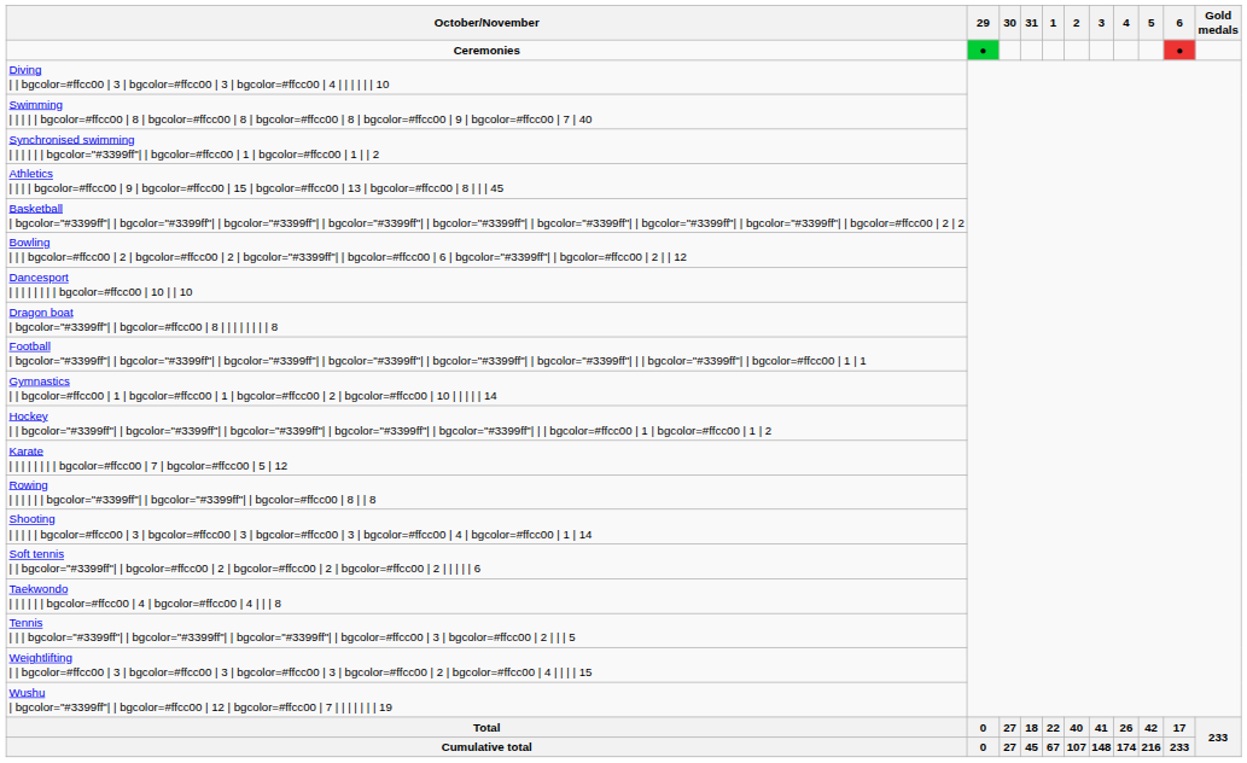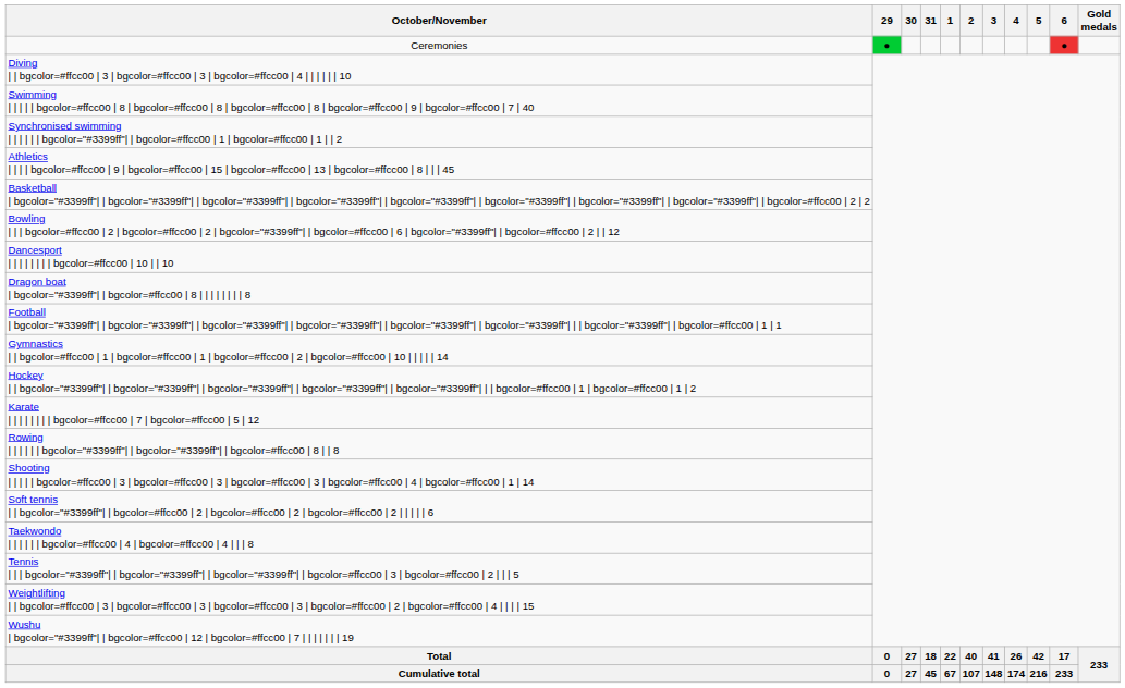 <table class="wikitable" style="margin:0.5em auto; font-size:90%; line-height:1.25em; text-align:center">
 <tr>
 <th>October/November</th>
 <th width=20px>29</th>
 <th width=20px>30</th>
 <th width=20px>31</th>
 <th width=20px>1</th>
 <th width=20px>2</th>
 <th width=20px>3</th>
 <th width=20px>4</th>
 <th width=20px>5</th>
 <th width=20px>6</th>
 <th width=20px>Gold medals</th>
 </tr>
 <tr>
-<td><strong>Ceremonies</strong></td>
+<td>Ceremonies</td>
 <td bgcolor=#00cc33>   ●   </td>
 <td></td>
 <td></td>
 <td></td>
 <td></td>
 <td></td>
 <td></td>
 <td></td>
 <td bgcolor=#ee3333>   ●   </td>
 <td></td>
 </tr>
 <tr align="center">
 <td align="left"><a href='#'>Diving</a><br>|  |  bgcolor=#ffcc00 | 3 |  bgcolor=#ffcc00 | 3 |  bgcolor=#ffcc00 | 4 |  |  |  |  |  | 10</td>
 </tr>
 <tr align="center">
 <td align="left"><a href='#'>Swimming</a><br>|  |  |  |  | bgcolor=#ffcc00 | 8 | bgcolor=#ffcc00 | 8 | bgcolor=#ffcc00 | 8 | bgcolor=#ffcc00 | 9 | bgcolor=#ffcc00 | 7 | 40</td>
 </tr>
 <tr align="center">
 <td align="left"><a href='#'>Synchronised swimming</a><br>|  |  |  |  | | bgcolor="#3399ff"| | bgcolor=#ffcc00 | 1 | bgcolor=#ffcc00 | 1 | | 2</td>
 </tr>
 <tr align="center">
 <td align="left"><a href='#'>Athletics</a><br>|  |  |  | bgcolor=#ffcc00 | 9 | bgcolor=#ffcc00 | 15 | bgcolor=#ffcc00 | 13 | bgcolor=#ffcc00 | 8 |  |  | 45</td>
 </tr>
 <tr align="center">
 <td align="left"><a href='#'>Basketball</a><br>| bgcolor="#3399ff"| | bgcolor="#3399ff"| | bgcolor="#3399ff"| | bgcolor="#3399ff"| | bgcolor="#3399ff"| | bgcolor="#3399ff"| | bgcolor="#3399ff"| | bgcolor="#3399ff"| |  bgcolor=#ffcc00 | 2 | 2</td>
 </tr>
 <tr align="center">
 <td align="left"><a href='#'>Bowling</a><br>| | |  bgcolor=#ffcc00 | 2 |  bgcolor=#ffcc00 | 2 | bgcolor="#3399ff"| |  bgcolor=#ffcc00 | 6 | bgcolor="#3399ff"| |  bgcolor=#ffcc00 | 2 | | 12</td>
 </tr>
 <tr align="center">
 <td align="left"><a href='#'>Dancesport</a><br>|  |  |  |  | |  |  | bgcolor=#ffcc00 | 10  |  | 10</td>
 </tr>
 <tr align="center">
 <td align="left"><a href='#'>Dragon boat</a><br>| bgcolor="#3399ff"| | bgcolor=#ffcc00 | 8 |  |  | |  |  | |  | 8</td>
 </tr>
 <tr align="center">
 <td align="left"><a href='#'>Football</a><br>| bgcolor="#3399ff"| | bgcolor="#3399ff"| | bgcolor="#3399ff"| | bgcolor="#3399ff"| | bgcolor="#3399ff"| | bgcolor="#3399ff"| |  | bgcolor="#3399ff"| | bgcolor=#ffcc00 | 1 | 1</td>
 </tr>
 <tr align="center">
 <td align="left"><a href='#'>Gymnastics</a><br>| | bgcolor=#ffcc00 | 1 | bgcolor=#ffcc00 | 1 | bgcolor=#ffcc00 | 2 | bgcolor=#ffcc00 | 10 | |  | | | 14</td>
 </tr>
 <tr align="center">
 <td align="left"><a href='#'>Hockey</a><br>| | bgcolor="#3399ff"| | bgcolor="#3399ff"| | bgcolor="#3399ff"| | bgcolor="#3399ff"| | bgcolor="#3399ff"| | | bgcolor=#ffcc00 | 1 | bgcolor=#ffcc00 | 1 | 2</td>
 </tr>
 <tr align="center">
 <td align="left"><a href='#'>Karate</a><br>|  |  |  |  |  |  |  | bgcolor=#ffcc00 | 7 | bgcolor=#ffcc00 | 5 | 12</td>
 </tr>
 <tr align="center">
 <td align="left"><a href='#'>Rowing</a><br>|  |  |  |  | | bgcolor="#3399ff"| | bgcolor="#3399ff"| | bgcolor=#ffcc00 | 8 |  | 8</td>
 </tr>
 <tr align="center">
 <td align="left"><a href='#'>Shooting</a><br>| | | | | bgcolor=#ffcc00 | 3  |  bgcolor=#ffcc00 | 3 | bgcolor=#ffcc00 | 3 |  bgcolor=#ffcc00 | 4 |  bgcolor=#ffcc00 | 1 | 14</td>
 </tr>
 <tr align="center">
 <td align="left"><a href='#'>Soft tennis</a><br>|  | bgcolor="#3399ff"| | bgcolor=#ffcc00 | 2 | bgcolor=#ffcc00 | 2 | bgcolor=#ffcc00 | 2 | | | |  | 6</td>
 </tr>
 <tr align="center">
 <td align="left"><a href='#'>Taekwondo</a><br>|  | | | |  | bgcolor=#ffcc00 | 4 |  bgcolor=#ffcc00 | 4 |  |  | 8</td>
 </tr>
 <tr align="center">
 <td align="left"><a href='#'>Tennis</a><br>|  |  | bgcolor="#3399ff"| | bgcolor="#3399ff"| | bgcolor="#3399ff"| | bgcolor=#ffcc00 | 3 | bgcolor=#ffcc00 | 2 |  |  | 5</td>
 </tr>
 <tr align="center">
 <td align="left"><a href='#'>Weightlifting</a><br>|  | bgcolor=#ffcc00 | 3 | bgcolor=#ffcc00 | 3 | bgcolor=#ffcc00 | 3 | bgcolor=#ffcc00 | 2 | bgcolor=#ffcc00 | 4 |  |  |  | 15</td>
 </tr>
 <tr align="center">
 <td align="left"><a href='#'>Wushu</a><br>| bgcolor="#3399ff"| | bgcolor=#ffcc00 | 12  | bgcolor=#ffcc00 | 7 |  |  |  | | | | 19</td>
 </tr>
 <tr>
 <th>Total</th>
 <th>0</th>
 <th>27</th>
 <th>18</th>
 <th>22</th>
 <th>40</th>
 <th>41</th>
 <th>26</th>
 <th>42</th>
 <th>17</th>
 <th rowspan=2>233</th>
 </tr>
 <tr>
 <th>Cumulative total</th>
 <th>0</th>
 <th>27</th>
 <th>45</th>
 <th>67</th>
 <th>107</th>
 <th>148</th>
 <th>174</th>
 <th>216</th>
 <th>233</th>
 </tr>
 </table>
